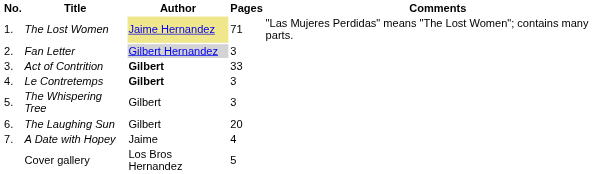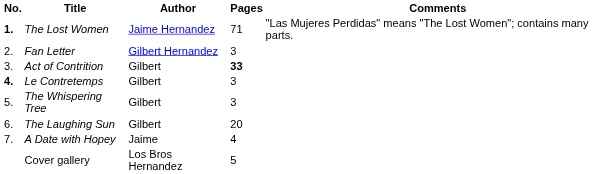 <table style="width:100%; height:100px">
 <tr>
 <th>No.</th>
 <th>Title</th>
 <th>Author</th>
 <th>Pages</th>
 <th>Comments</th>
 </tr>
 <tr>
-<td>1.</td>
+<td><strong>1.</strong></td>
 <td><em>The Lost Women</em></td>
-<td style="background: khaki;"><a href='#'>Jaime Hernandez</a></td>
+<td><a href='#'>Jaime Hernandez</a></td>
 <td>71</td>
 <td>"Las Mujeres Perdidas" means "The Lost Women"; contains many parts.</td>
 </tr>
 <tr>
 <td>2.</td>
 <td><em>Fan Letter</em></td>
-<td style="background: lightgrey;"><a href='#'>Gilbert Hernandez</a></td>
+<td><a href='#'>Gilbert Hernandez</a></td>
 <td>3</td>
 <td></td>
 </tr>
 <tr>
 <td>3.</td>
 <td><em>Act of Contrition</em></td>
-<td><strong>Gilbert</strong></td>
-<td>33</td>
+<td>Gilbert</td>
+<td><strong>33</strong></td>
 <td></td>
 </tr>
 <tr>
-<td>4.</td>
+<td><strong>4.</strong></td>
 <td><em>Le Contretemps</em></td>
-<td><strong>Gilbert</strong></td>
+<td>Gilbert</td>
 <td>3</td>
 <td></td>
 </tr>
 <tr>
 <td>5.</td>
 <td><em>The Whispering Tree</em></td>
 <td>Gilbert</td>
 <td>3</td>
 <td></td>
 </tr>
 <tr>
 <td>6.</td>
 <td><em>The Laughing Sun</em></td>
 <td>Gilbert</td>
 <td>20</td>
 <td></td>
 </tr>
 <tr>
 <td>7.</td>
 <td><em>A Date with Hopey</em></td>
 <td>Jaime</td>
 <td>4</td>
 <td></td>
 </tr>
 <tr>
 <td></td>
 <td>Cover gallery</td>
 <td>Los Bros Hernandez</td>
 <td>5</td>
 <td></td>
 </tr>
 <tr>
 </tr>
 </table>
